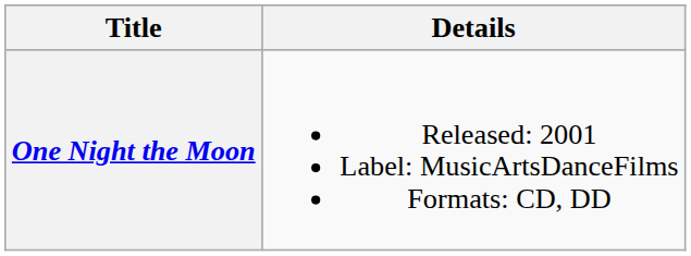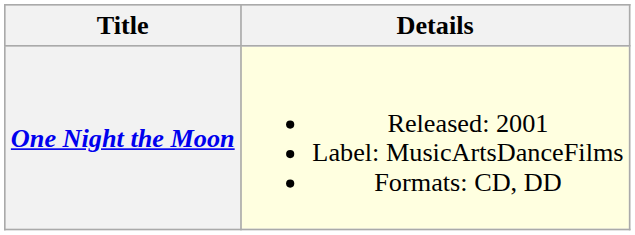 <table class="wikitable plainrowheaders" style="text-align:center;">
 <tr>
 <th>Title</th>
 <th>Details</th>
 </tr>
 <tr>
 <th scope="row"><em><a href='#'>One Night the Moon</a></em> <br> </th>
-<td><br><ul><li>Released: 2001</li><li>Label: MusicArtsDanceFilms</li><li>Formats: CD, DD</li></ul></td>
+<td style="background: lightyellow;"><br><ul><li>Released: 2001</li><li>Label: MusicArtsDanceFilms</li><li>Formats: CD, DD</li></ul></td>
 </tr>
 </table>
